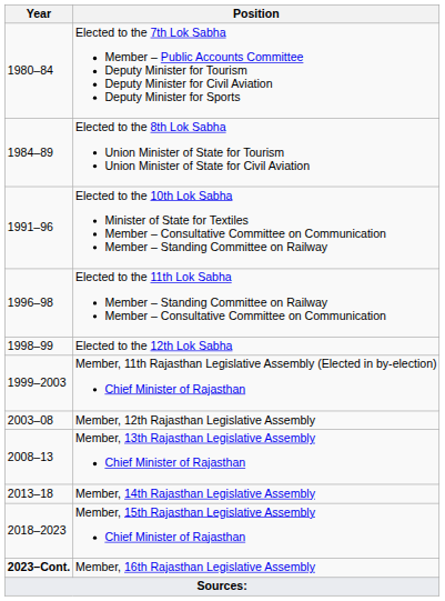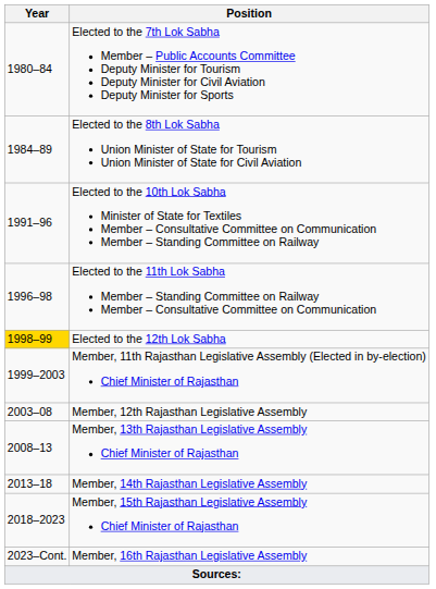 <table class="wikitable">
 <tr>
 <th>Year</th>
 <th>Position</th>
 </tr>
 <tr>
 <td>1980–84</td>
 <td>Elected to the <a href='#'>7th Lok Sabha</a><br><ul><li>Member – <a href='#'>Public Accounts Committee</a> </li><li>Deputy Minister for Tourism </li><li>Deputy Minister for Civil Aviation </li><li>Deputy Minister for Sports </li></ul></td>
 </tr>
 <tr>
 <td>1984–89</td>
 <td>Elected to the <a href='#'>8th Lok Sabha</a><br><ul><li>Union Minister of State for Tourism </li><li>Union Minister of State for Civil Aviation </li></ul></td>
 </tr>
 <tr>
 <td>1991–96</td>
 <td>Elected to the <a href='#'>10th Lok Sabha</a><br><ul><li>Minister of State   for Textiles </li><li>Member – Consultative Committee on Communication </li><li>Member – Standing Committee on Railway </li></ul></td>
 </tr>
 <tr>
 <td>1996–98</td>
 <td>Elected to the <a href='#'>11th Lok Sabha</a><br><ul><li>Member – Standing Committee on Railway </li><li>Member – Consultative Committee on Communication </li></ul></td>
 </tr>
 <tr>
-<td>1998–99</td>
+<td style="background: gold;">1998–99</td>
 <td>Elected to the <a href='#'>12th Lok Sabha</a></td>
 </tr>
 <tr>
 <td>1999–2003</td>
 <td>Member, 11th Rajasthan Legislative Assembly (Elected in by-election)<br><ul><li><a href='#'>Chief Minister of Rajasthan</a></li></ul></td>
 </tr>
 <tr>
 <td>2003–08</td>
 <td>Member, 12th Rajasthan Legislative Assembly</td>
 </tr>
 <tr>
 <td>2008–13</td>
 <td>Member, <a href='#'>13th Rajasthan Legislative Assembly</a><br><ul><li><a href='#'>Chief Minister of Rajasthan</a></li></ul></td>
 </tr>
 <tr>
 <td>2013–18</td>
 <td>Member, <a href='#'>14th Rajasthan Legislative Assembly</a></td>
 </tr>
 <tr>
 <td>2018–2023</td>
 <td>Member, <a href='#'>15th Rajasthan Legislative Assembly</a><br><ul><li><a href='#'>Chief Minister of Rajasthan</a></li></ul></td>
 </tr>
 <tr>
-<td><strong>2023–Cont.</strong></td>
+<td>2023–Cont.</td>
 <td>Member, <a href='#'>16th Rajasthan Legislative Assembly</a></td>
 </tr>
 <tr class="sortbottom">
 <td colspan="2" align="bottom" style="background-color:#EAECF0; text-align:center"><strong>Sources:</strong></td>
 </tr>
 </table>
